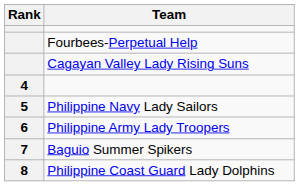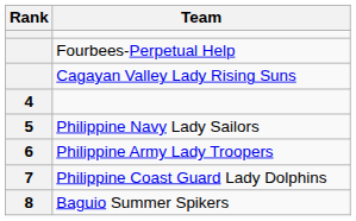 <table class="wikitable" style="text-align: center;">
 <tr>
 <th width=40>Rank</th>
 <th width=290>Team</th>
 </tr>
 <tr>
 <th></th>
 <td style="text-align:left;"></td>
 </tr>
 <tr>
 <th></th>
 <td style="text-align:left;"> Fourbees-<a href='#'>Perpetual Help</a></td>
 </tr>
 <tr>
 <th></th>
 <td style="text-align:left;"> <a href='#'>Cagayan Valley Lady Rising Suns</a></td>
 </tr>
 <tr>
 <th>4</th>
 <td style="text-align:left;"></td>
 </tr>
 <tr>
 <th>5</th>
 <td style="text-align:left;"> <a href='#'>Philippine Navy</a> Lady Sailors</td>
 </tr>
 <tr>
 <th>6</th>
 <td style="text-align:left;"> <a href='#'>Philippine Army Lady Troopers</a></td>
 </tr>
 <tr>
 <th>7</th>
-<td style="text-align:left;"> <a href='#'>Baguio</a> Summer Spikers</td>
+<td style="text-align:left;"> <a href='#'>Philippine Coast Guard</a> Lady Dolphins</td>
 </tr>
 <tr>
 <th>8</th>
-<td style="text-align:left;"> <a href='#'>Philippine Coast Guard</a> Lady Dolphins</td>
+<td style="text-align:left;"> <a href='#'>Baguio</a> Summer Spikers</td>
 </tr>
 </table>
